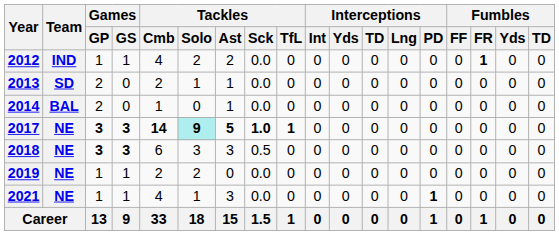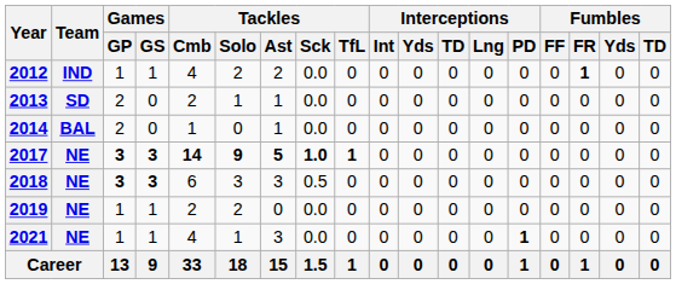 <table class="wikitable" style="text-align:center;">
 <tr>
 <th rowspan="2">Year</th>
 <th rowspan="2">Team</th>
 <th colspan="2">Games</th>
 <th colspan="5">Tackles</th>
 <th colspan="5">Interceptions</th>
 <th colspan="4">Fumbles</th>
 </tr>
 <tr>
 <th>GP</th>
 <th>GS</th>
 <th>Cmb</th>
 <th>Solo</th>
 <th>Ast</th>
 <th>Sck</th>
 <th>TfL</th>
 <th>Int</th>
 <th>Yds</th>
 <th>TD</th>
 <th>Lng</th>
 <th>PD</th>
 <th>FF</th>
 <th>FR</th>
 <th>Yds</th>
 <th>TD</th>
 </tr>
 <tr>
 <th><a href='#'>2012</a></th>
 <th><a href='#'>IND</a></th>
 <td>1</td>
 <td>1</td>
 <td>4</td>
 <td>2</td>
 <td>2</td>
 <td>0.0</td>
 <td>0</td>
 <td>0</td>
 <td>0</td>
 <td>0</td>
 <td>0</td>
 <td>0</td>
 <td>0</td>
 <td><strong>1</strong></td>
 <td>0</td>
 <td>0</td>
 </tr>
 <tr>
 <th><a href='#'>2013</a></th>
 <th><a href='#'>SD</a></th>
 <td>2</td>
 <td>0</td>
 <td>2</td>
 <td>1</td>
 <td>1</td>
 <td>0.0</td>
 <td>0</td>
 <td>0</td>
 <td>0</td>
 <td>0</td>
 <td>0</td>
 <td>0</td>
 <td>0</td>
 <td>0</td>
 <td>0</td>
 <td>0</td>
 </tr>
 <tr>
 <th><a href='#'>2014</a></th>
 <th><a href='#'>BAL</a></th>
 <td>2</td>
 <td>0</td>
 <td>1</td>
 <td>0</td>
 <td>1</td>
 <td>0.0</td>
 <td>0</td>
 <td>0</td>
 <td>0</td>
 <td>0</td>
 <td>0</td>
 <td>0</td>
 <td>0</td>
 <td>0</td>
 <td>0</td>
 <td>0</td>
 </tr>
 <tr>
 <th><a href='#'>2017</a></th>
 <th><a href='#'>NE</a></th>
 <td><strong>3</strong></td>
 <td><strong>3</strong></td>
 <td><strong>14</strong></td>
-<td style="background: paleturquoise;"><strong>9</strong></td>
+<td><strong>9</strong></td>
 <td><strong>5</strong></td>
 <td><strong>1.0</strong></td>
 <td><strong>1</strong></td>
 <td>0</td>
 <td>0</td>
 <td>0</td>
 <td>0</td>
 <td>0</td>
 <td>0</td>
 <td>0</td>
 <td>0</td>
 <td>0</td>
 </tr>
 <tr>
 <th><a href='#'>2018</a></th>
 <th><a href='#'>NE</a></th>
 <td><strong>3</strong></td>
 <td><strong>3</strong></td>
 <td>6</td>
 <td>3</td>
 <td>3</td>
 <td>0.5</td>
 <td>0</td>
 <td>0</td>
 <td>0</td>
 <td>0</td>
 <td>0</td>
 <td>0</td>
 <td>0</td>
 <td>0</td>
 <td>0</td>
 <td>0</td>
 </tr>
 <tr>
 <th><a href='#'>2019</a></th>
 <th><a href='#'>NE</a></th>
 <td>1</td>
 <td>1</td>
 <td>2</td>
 <td>2</td>
 <td>0</td>
 <td>0.0</td>
 <td>0</td>
 <td>0</td>
 <td>0</td>
 <td>0</td>
 <td>0</td>
 <td>0</td>
 <td>0</td>
 <td>0</td>
 <td>0</td>
 <td>0</td>
 </tr>
 <tr>
 <th><a href='#'>2021</a></th>
 <th><a href='#'>NE</a></th>
 <td>1</td>
 <td>1</td>
 <td>4</td>
 <td>1</td>
 <td>3</td>
 <td>0.0</td>
 <td>0</td>
 <td>0</td>
 <td>0</td>
 <td>0</td>
 <td>0</td>
 <td><strong>1</strong></td>
 <td>0</td>
 <td>0</td>
 <td>0</td>
 <td>0</td>
 </tr>
 <tr>
 <th colspan="2">Career</th>
 <th>13</th>
 <th>9</th>
 <th>33</th>
 <th>18</th>
 <th>15</th>
 <th>1.5</th>
 <th>1</th>
 <th>0</th>
 <th>0</th>
 <th>0</th>
 <th>0</th>
 <th>1</th>
 <th>0</th>
 <th>1</th>
 <th>0</th>
 <th>0</th>
 </tr>
 </table>
